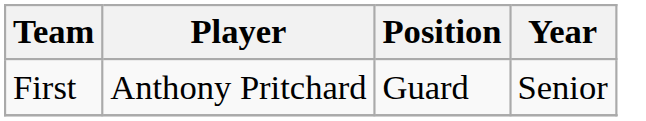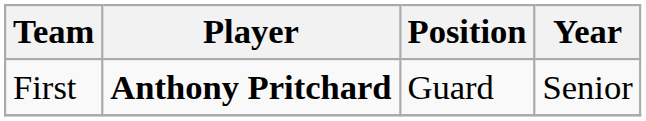 <table class="wikitable" border="1">
 <tr align=center>
 <th style=>Team</th>
 <th style=>Player</th>
 <th style=>Position</th>
 <th style=>Year</th>
 </tr>
 <tr>
 <td>First</td>
-<td>Anthony Pritchard</td>
+<td><strong>Anthony Pritchard</strong></td>
 <td>Guard</td>
 <td>Senior</td>
 </tr>
 <tr>
 </tr>
 </table>
